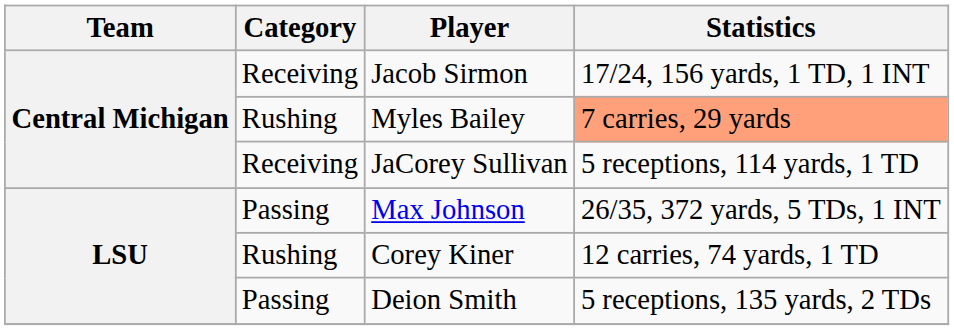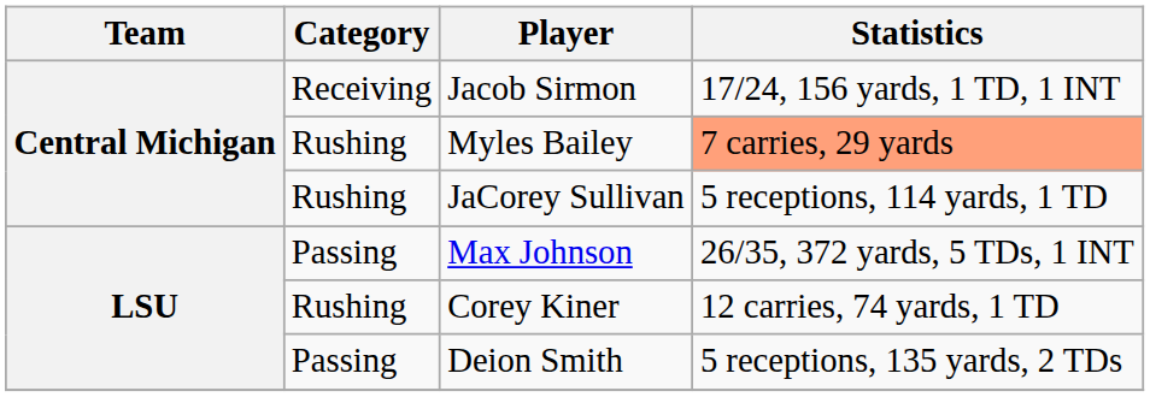 <table class="wikitable" style="float: left;">
 <tr>
 <th>Team</th>
 <th>Category</th>
 <th>Player</th>
 <th>Statistics</th>
 </tr>
 <tr>
 <th rowspan=3>Central Michigan</th>
 <td>Receiving</td>
 <td>Jacob Sirmon</td>
 <td>17/24, 156 yards, 1 TD, 1 INT</td>
 </tr>
 <tr>
 <td>Rushing</td>
 <td>Myles Bailey</td>
 <td style="background: lightsalmon;">7 carries, 29 yards</td>
 </tr>
 <tr>
-<td>Receiving</td>
+<td>Rushing</td>
 <td>JaCorey Sullivan</td>
 <td>5 receptions, 114 yards, 1 TD</td>
 </tr>
 <tr>
 <th rowspan=3 style=>LSU</th>
 <td>Passing</td>
 <td><a href='#'>Max Johnson</a></td>
 <td>26/35, 372 yards, 5 TDs, 1 INT</td>
 </tr>
 <tr>
 <td>Rushing</td>
 <td>Corey Kiner</td>
 <td>12 carries, 74 yards, 1 TD</td>
 </tr>
 <tr>
 <td>Passing</td>
 <td>Deion Smith</td>
 <td>5 receptions, 135 yards, 2 TDs</td>
 </tr>
 <tr>
 </tr>
 </table>
